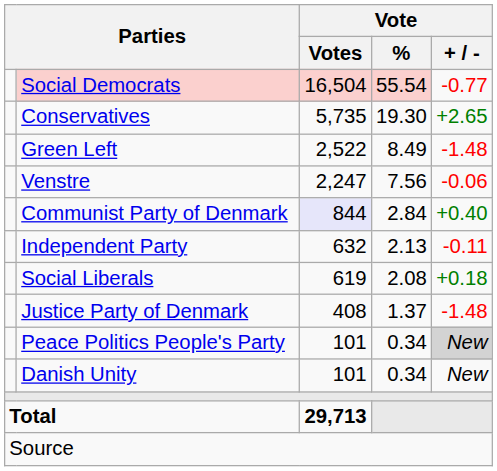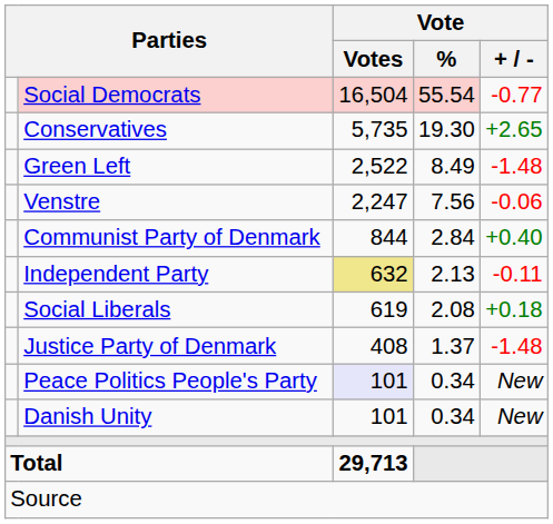 <table class="wikitable" style="text-align:right;">
 <tr>
 <th style="text-align:centre;" rowspan="2" colspan="2" width="225">Parties</th>
 <th colspan="3">Vote</th>
 </tr>
 <tr>
 <th width="15">Votes</th>
 <th width="15">%</th>
 <th width="15">+ / -</th>
 </tr>
 <tr>
 <td width="2" style="color:inherit;background:"></td>
 <td bgcolor=#fbd0ce  align="left"><a href='#'>Social Democrats</a></td>
 <td bgcolor=#fbd0ce>16,504</td>
 <td bgcolor=#fbd0ce>55.54</td>
 <td style=color:red;>-0.77</td>
 </tr>
 <tr>
 <td width="2" style="color:inherit;background:"></td>
 <td align="left"><a href='#'>Conservatives</a></td>
 <td>5,735</td>
 <td>19.30</td>
 <td style=color:green;>+2.65</td>
 </tr>
 <tr>
 <td width="2" style="color:inherit;background:"></td>
 <td align="left"><a href='#'>Green Left</a></td>
 <td>2,522</td>
 <td>8.49</td>
 <td style=color:red;>-1.48</td>
 </tr>
 <tr>
 <td width="2" style="color:inherit;background:"></td>
 <td align="left"><a href='#'>Venstre</a></td>
 <td>2,247</td>
 <td>7.56</td>
 <td style=color:red;>-0.06</td>
 </tr>
 <tr>
 <td width="2" style="color:inherit;background:"></td>
 <td align="left"><a href='#'>Communist Party of Denmark</a></td>
-<td style="background: lavender;">844</td>
+<td>844</td>
 <td>2.84</td>
 <td style=color:green;>+0.40</td>
 </tr>
 <tr>
 <td width="2" style="color:inherit;background:"></td>
 <td align="left"><a href='#'>Independent Party</a></td>
-<td>632</td>
+<td style="background: khaki;">632</td>
 <td>2.13</td>
 <td style=color:red;>-0.11</td>
 </tr>
 <tr>
 <td width="2" style="color:inherit;background:"></td>
 <td align="left"><a href='#'>Social Liberals</a></td>
 <td>619</td>
 <td>2.08</td>
 <td style=color:green;>+0.18</td>
 </tr>
 <tr>
 <td width="2" style="color:inherit;background:"></td>
 <td align="left"><a href='#'>Justice Party of Denmark</a></td>
 <td>408</td>
 <td>1.37</td>
 <td style=color:red;>-1.48</td>
 </tr>
 <tr>
 <td width="2" style="color:inherit;background:"></td>
 <td align="left"><a href='#'>Peace Politics People's Party</a></td>
-<td>101</td>
+<td style="background: lavender;">101</td>
 <td>0.34</td>
-<td style="background: lightgrey;"><em>New</em></td>
+<td><em>New</em></td>
 </tr>
 <tr>
 <td width="2" style="color:inherit;background:"></td>
 <td align="left"><a href='#'>Danish Unity</a></td>
 <td>101</td>
 <td>0.34</td>
 <td><em>New</em></td>
 </tr>
 <tr>
 <td colspan="7" bgcolor="#E9E9E9"></td>
 </tr>
 <tr>
 <td align="left" colspan="2"><strong>Total</strong></td>
 <td><strong>29,713</strong></td>
 <td bgcolor="#E9E9E9" colspan="2"></td>
 </tr>
 <tr>
 <td align="left" colspan="6">Source</td>
 </tr>
 </table>
